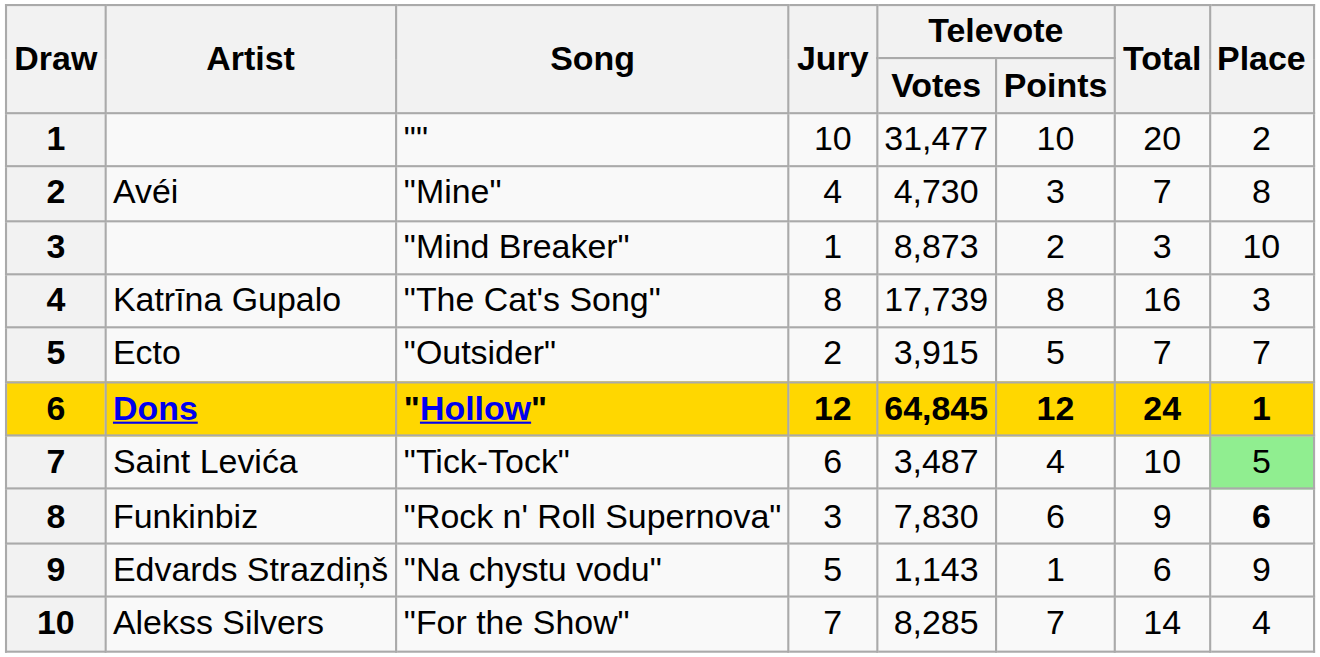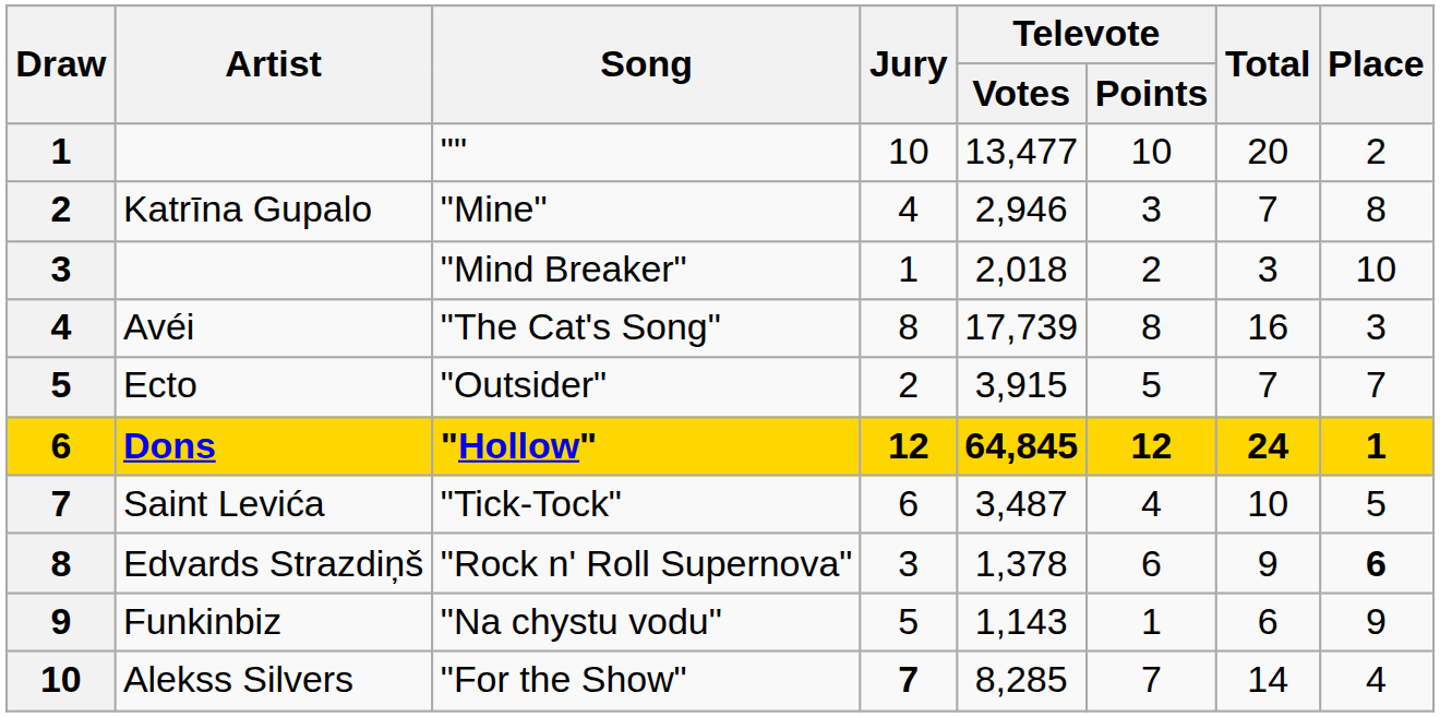 <table class="sortable wikitable plainrowheaders" style="margin: 1em auto 1em auto; text-align:left">
 <tr>
 <th rowspan="2">Draw</th>
 <th rowspan="2">Artist</th>
 <th rowspan="2">Song</th>
 <th rowspan="2">Jury</th>
 <th colspan="2">Televote</th>
 <th rowspan="2">Total</th>
 <th rowspan="2">Place</th>
 </tr>
 <tr>
 <th>Votes</th>
 <th>Points</th>
 </tr>
 <tr>
 <th scope="row" style="text-align:center;">1</th>
 <td align="left"></td>
 <td align="left">""</td>
 <td align="center">10</td>
-<td align="center">31,477</td>
+<td align="center">13,477</td>
 <td align="center">10</td>
 <td align="center">20</td>
 <td align="center">2</td>
 </tr>
 <tr>
 <th scope="row" style="text-align:center;">2</th>
-<td align="left">Avéi</td>
+<td align="left">Katrīna Gupalo</td>
 <td align="left">"Mine"</td>
 <td align="center">4</td>
-<td align="center">4,730</td>
+<td align="center">2,946</td>
 <td align="center">3</td>
 <td align="center">7</td>
 <td align="center">8</td>
 </tr>
 <tr>
 <th scope="row" style="text-align:center;">3</th>
 <td align="left"></td>
 <td align="left">"Mind Breaker"</td>
 <td align="center">1</td>
-<td align="center">8,873</td>
+<td align="center">2,018</td>
 <td align="center">2</td>
 <td align="center">3</td>
 <td align="center">10</td>
 </tr>
 <tr>
 <th scope="row" style="text-align:center;">4</th>
-<td align="left">Katrīna Gupalo</td>
+<td align="left">Avéi</td>
 <td align="left">"The Cat's Song"</td>
 <td align="center">8</td>
 <td align="center">17,739</td>
 <td align="center">8</td>
 <td align="center">16</td>
 <td align="center">3</td>
 </tr>
 <tr>
 <th scope="row" style="text-align:center;">5</th>
 <td align="left">Ecto</td>
 <td align="left">"Outsider"</td>
 <td align="center">2</td>
 <td align="center">3,915</td>
 <td align="center">5</td>
 <td align="center">7</td>
 <td scope="row" style="text-align:center;">7</td>
 </tr>
 <tr style="font-weight:bold; background:gold;">
 <td scope="row" style="text-align:center;">6</td>
 <td align="left"><a href='#'>Dons</a></td>
 <td align="left">"<a href='#'>Hollow</a>"</td>
 <td align="center">12</td>
 <td align="center">64,845</td>
 <td align="center">12</td>
 <td align="center">24</td>
 <td scope="row" style="text-align:center;">1</td>
 </tr>
 <tr>
 <th scope="row" style="text-align:center;">7</th>
 <td align="left">Saint Levića</td>
 <td align="left">"Tick-Tock"</td>
 <td align="center">6</td>
 <td align="center">3,487</td>
 <td align="center">4</td>
 <td align="center">10</td>
-<td scope="row" style="background: lightgreen; text-align:center;">5</td>
+<td scope="row" style="text-align:center;">5</td>
 </tr>
 <tr>
 <th scope="row" style="text-align:center;">8</th>
-<td align="left">Funkinbiz</td>
+<td align="left">Edvards Strazdiņš</td>
 <td align="left">"Rock n' Roll Supernova"</td>
 <td align="center">3</td>
-<td align="center">7,830</td>
+<td align="center">1,378</td>
 <td align="center">6</td>
 <td align="center">9</td>
 <td scope="row" style="text-align:center;"><strong>6</strong></td>
 </tr>
 <tr>
 <th scope="row" style="text-align:center;">9</th>
-<td align="left">Edvards Strazdiņš</td>
+<td align="left">Funkinbiz</td>
 <td align="left">"Na chystu vodu"</td>
 <td align="center">5</td>
 <td align="center">1,143</td>
 <td align="center">1</td>
 <td align="center">6</td>
 <td scope="row" style="text-align:center;">9</td>
 </tr>
 <tr>
 <th scope="row" style="text-align:center;">10</th>
 <td align="left">Alekss Silvers</td>
 <td align="left">"For the Show"</td>
-<td align="center">7</td>
+<td align="center"><strong>7</strong></td>
 <td align="center">8,285</td>
 <td align="center">7</td>
 <td align="center">14</td>
 <td scope="row" style="text-align:center;">4</td>
 </tr>
 </table>
